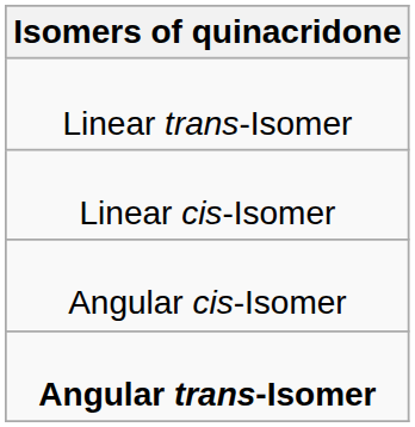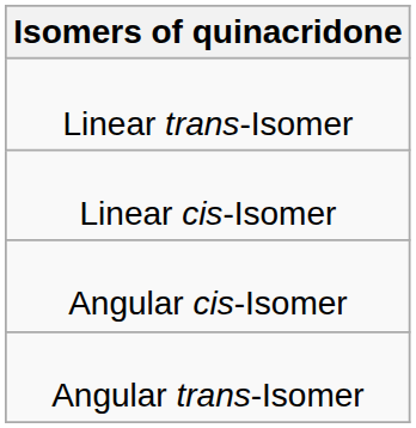 <table class="wikitable float-left" style="text-align:center">
 <tr class=>
 <th>Isomers of quinacridone</th>
 </tr>
 <tr>
 <td><br> Linear <em>trans</em>-Isomer</td>
 </tr>
 <tr>
 <td><br> Linear <em>cis</em>-Isomer</td>
 </tr>
 <tr>
 <td><br> Angular <em>cis</em>-Isomer</td>
 </tr>
 <tr>
-<td><strong><br>  Angular <em>trans</em>-Isomer</strong></td>
+<td><br>  Angular <em>trans</em>-Isomer</td>
 </tr>
 </table>
